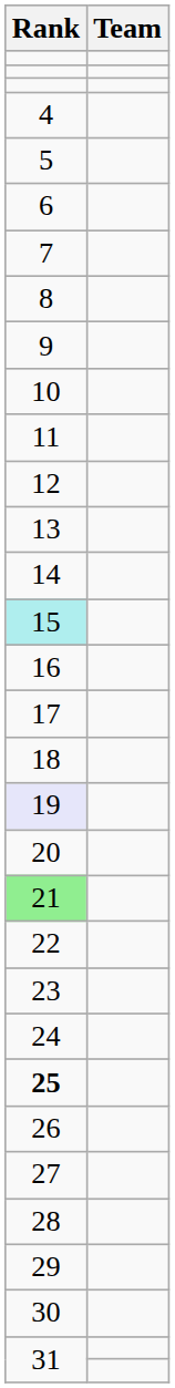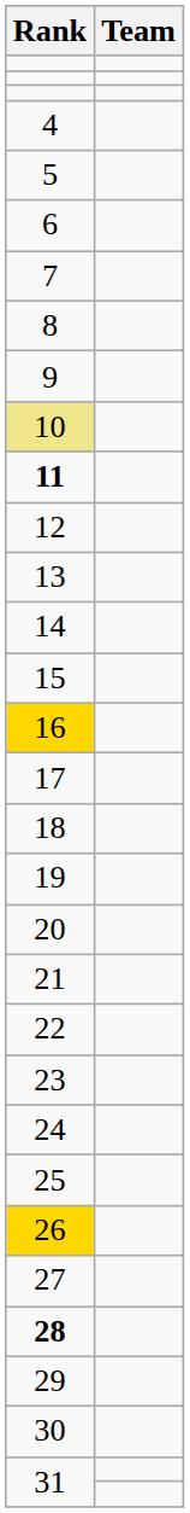 <table class="wikitable">
 <tr>
 <th>Rank</th>
 <th>Team</th>
 </tr>
 <tr>
 <td align=center></td>
 <td></td>
 </tr>
 <tr>
 <td align=center></td>
 <td></td>
 </tr>
 <tr>
 <td align=center></td>
 <td></td>
 </tr>
 <tr>
 <td align=center>4</td>
 <td></td>
 </tr>
 <tr>
 <td align=center>5</td>
 <td></td>
 </tr>
 <tr>
 <td align=center>6</td>
 <td></td>
 </tr>
 <tr>
 <td align=center>7</td>
 <td></td>
 </tr>
 <tr>
 <td align=center>8</td>
 <td></td>
 </tr>
 <tr>
 <td align=center>9</td>
 <td></td>
 </tr>
 <tr>
-<td align=center>10</td>
+<td align=center style="background: khaki;">10</td>
 <td></td>
 </tr>
 <tr>
-<td align=center>11</td>
+<td align=center><strong>11</strong></td>
 <td></td>
 </tr>
 <tr>
 <td align=center>12</td>
 <td></td>
 </tr>
 <tr>
 <td align=center>13</td>
 <td></td>
 </tr>
 <tr>
 <td align=center>14</td>
 <td></td>
 </tr>
 <tr>
-<td align=center style="background: paleturquoise;">15</td>
+<td align=center>15</td>
 <td></td>
 </tr>
 <tr>
-<td align=center>16</td>
+<td align=center style="background: gold;">16</td>
 <td></td>
 </tr>
 <tr>
 <td align=center>17</td>
 <td></td>
 </tr>
 <tr>
 <td align=center>18</td>
 <td></td>
 </tr>
 <tr>
-<td align=center style="background: lavender;">19</td>
+<td align=center>19</td>
 <td></td>
 </tr>
 <tr>
 <td align=center>20</td>
 <td></td>
 </tr>
 <tr>
-<td align=center style="background: lightgreen;">21</td>
+<td align=center>21</td>
 <td></td>
 </tr>
 <tr>
 <td align=center>22</td>
 <td></td>
 </tr>
 <tr>
 <td align=center>23</td>
 <td></td>
 </tr>
 <tr>
 <td align=center>24</td>
 <td></td>
 </tr>
 <tr>
-<td align=center><strong>25</strong></td>
+<td align=center>25</td>
 <td></td>
 </tr>
 <tr>
-<td align=center>26</td>
+<td align=center style="background: gold;">26</td>
 <td></td>
 </tr>
 <tr>
 <td align=center>27</td>
 <td></td>
 </tr>
 <tr>
-<td align=center>28</td>
+<td align=center><strong>28</strong></td>
 <td></td>
 </tr>
 <tr>
 <td align=center>29</td>
 <td></td>
 </tr>
 <tr>
 <td align=center>30</td>
 <td></td>
 </tr>
 <tr>
 <td align=center rowspan=2>31</td>
 <td></td>
 </tr>
 <tr>
 <td></td>
 </tr>
 </table>
